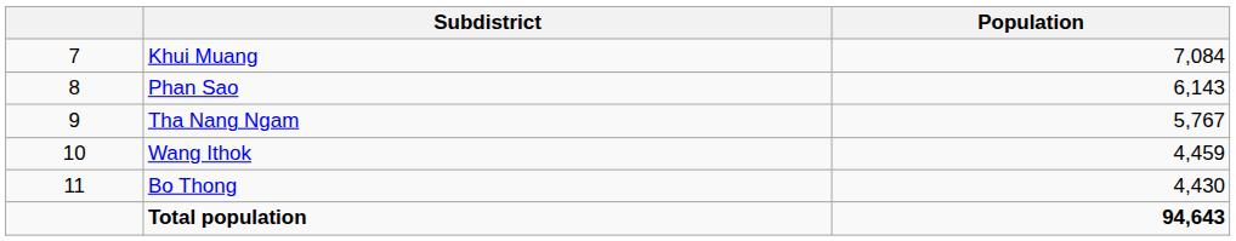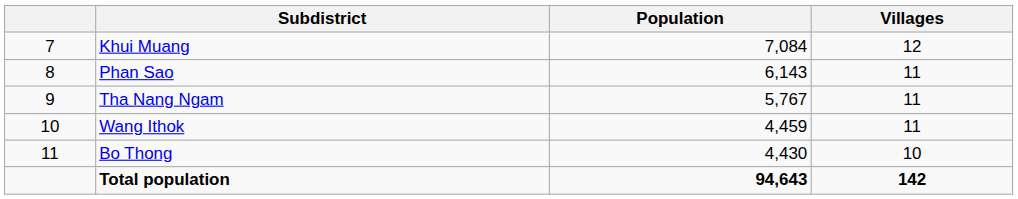 <table class="wikitable" style="width:48%; display:inline-table;">
 <tr>
 <th scope="col" style="width:9%;"> </th>
 <th scope="col" style="width:45%;">Subdistrict</th>
 <th scope="col" style="width:26%;">Population</th>
+<th scope="col" style="width:20%;">Villages</th>
 </tr>
 <tr>
 <td style="text-align:center;">7</td>
 <td><a href='#'>Khui Muang</a></td>
 <td style="text-align:right;">7,084</td>
+<td style="text-align:center;">12</td>
 </tr>
 <tr>
 <td style="text-align:center;">8</td>
 <td><a href='#'>Phan Sao</a></td>
 <td style="text-align:right;">6,143</td>
+<td style="text-align:center;">11</td>
 </tr>
 <tr>
 <td style="text-align:center;">9</td>
 <td><a href='#'>Tha Nang Ngam</a></td>
 <td style="text-align:right;">5,767</td>
+<td style="text-align:center;">11</td>
 </tr>
 <tr>
 <td style="text-align:center;">10</td>
 <td><a href='#'>Wang Ithok</a></td>
 <td style="text-align:right;">4,459</td>
+<td style="text-align:center;">11</td>
 </tr>
 <tr>
 <td style="text-align:center;">11</td>
 <td><a href='#'>Bo Thong</a></td>
 <td style="text-align:right;">4,430</td>
+<td style="text-align:center;">10</td>
 </tr>
 <tr>
 <td></td>
 <td><strong>Total population</strong></td>
 <td style="text-align:right;"><strong>94,643</strong></td>
+<td style="text-align:center;"><strong>142</strong></td>
 </tr>
 </table>
